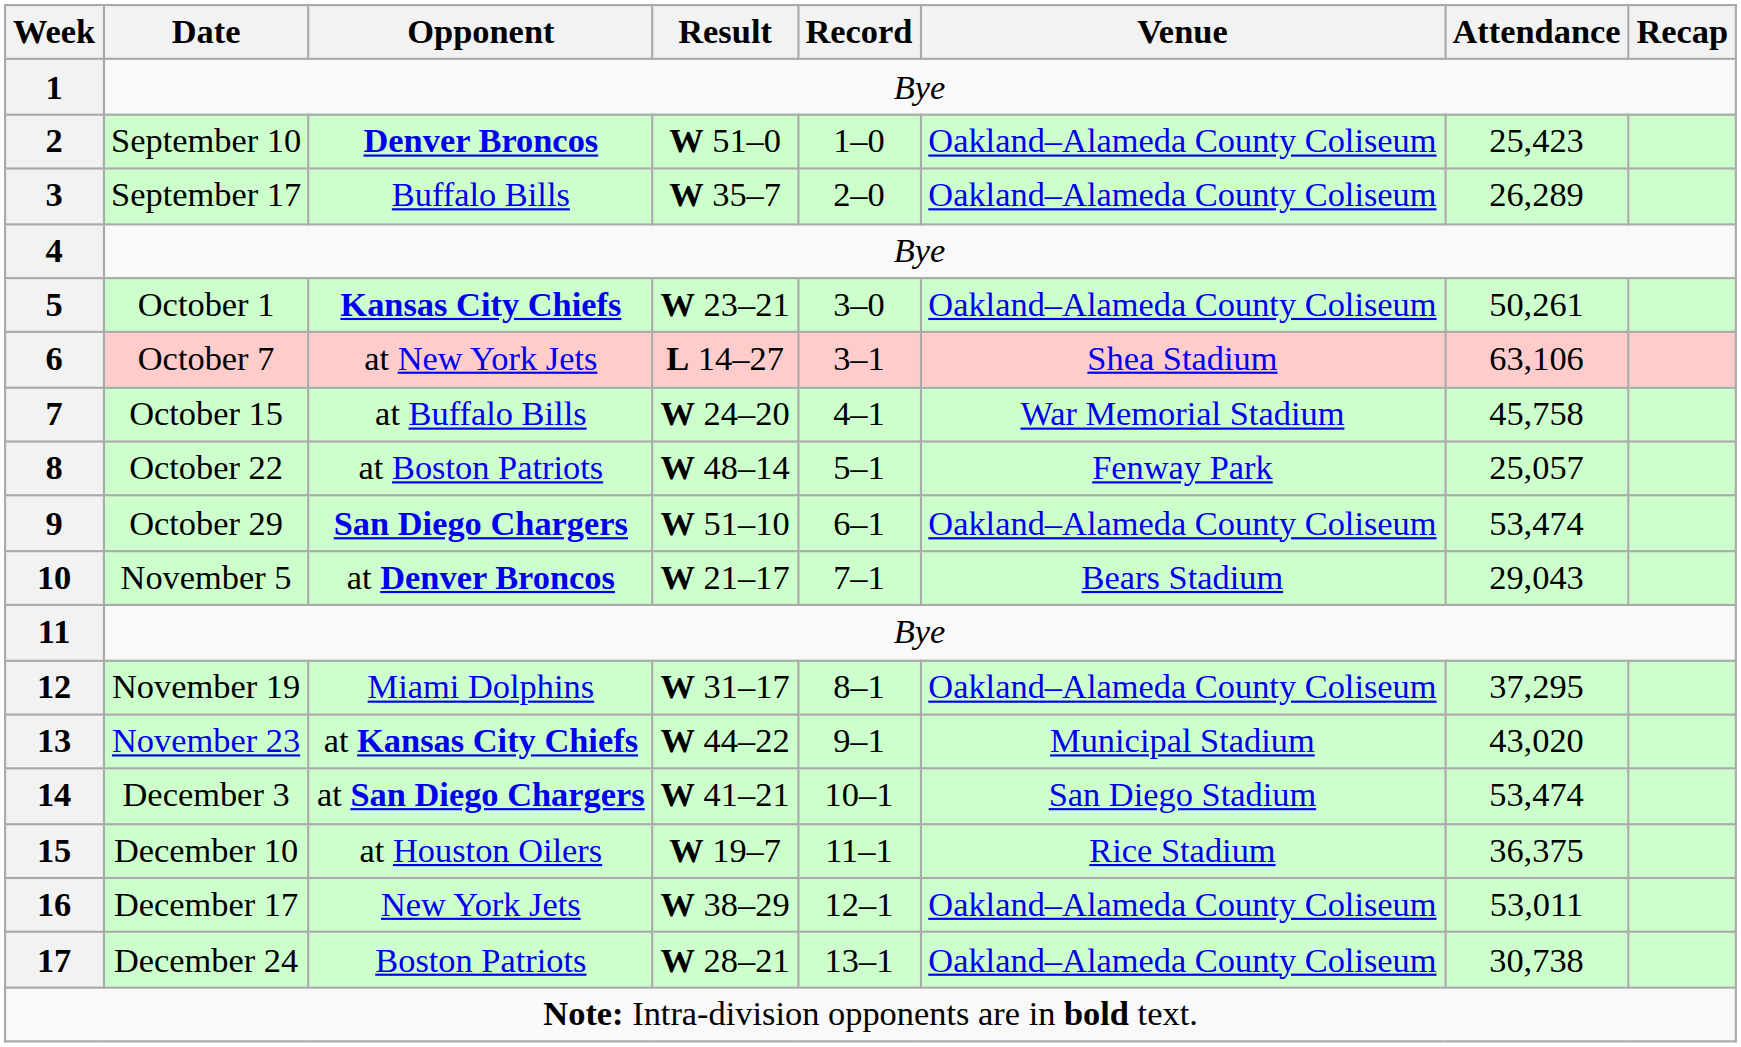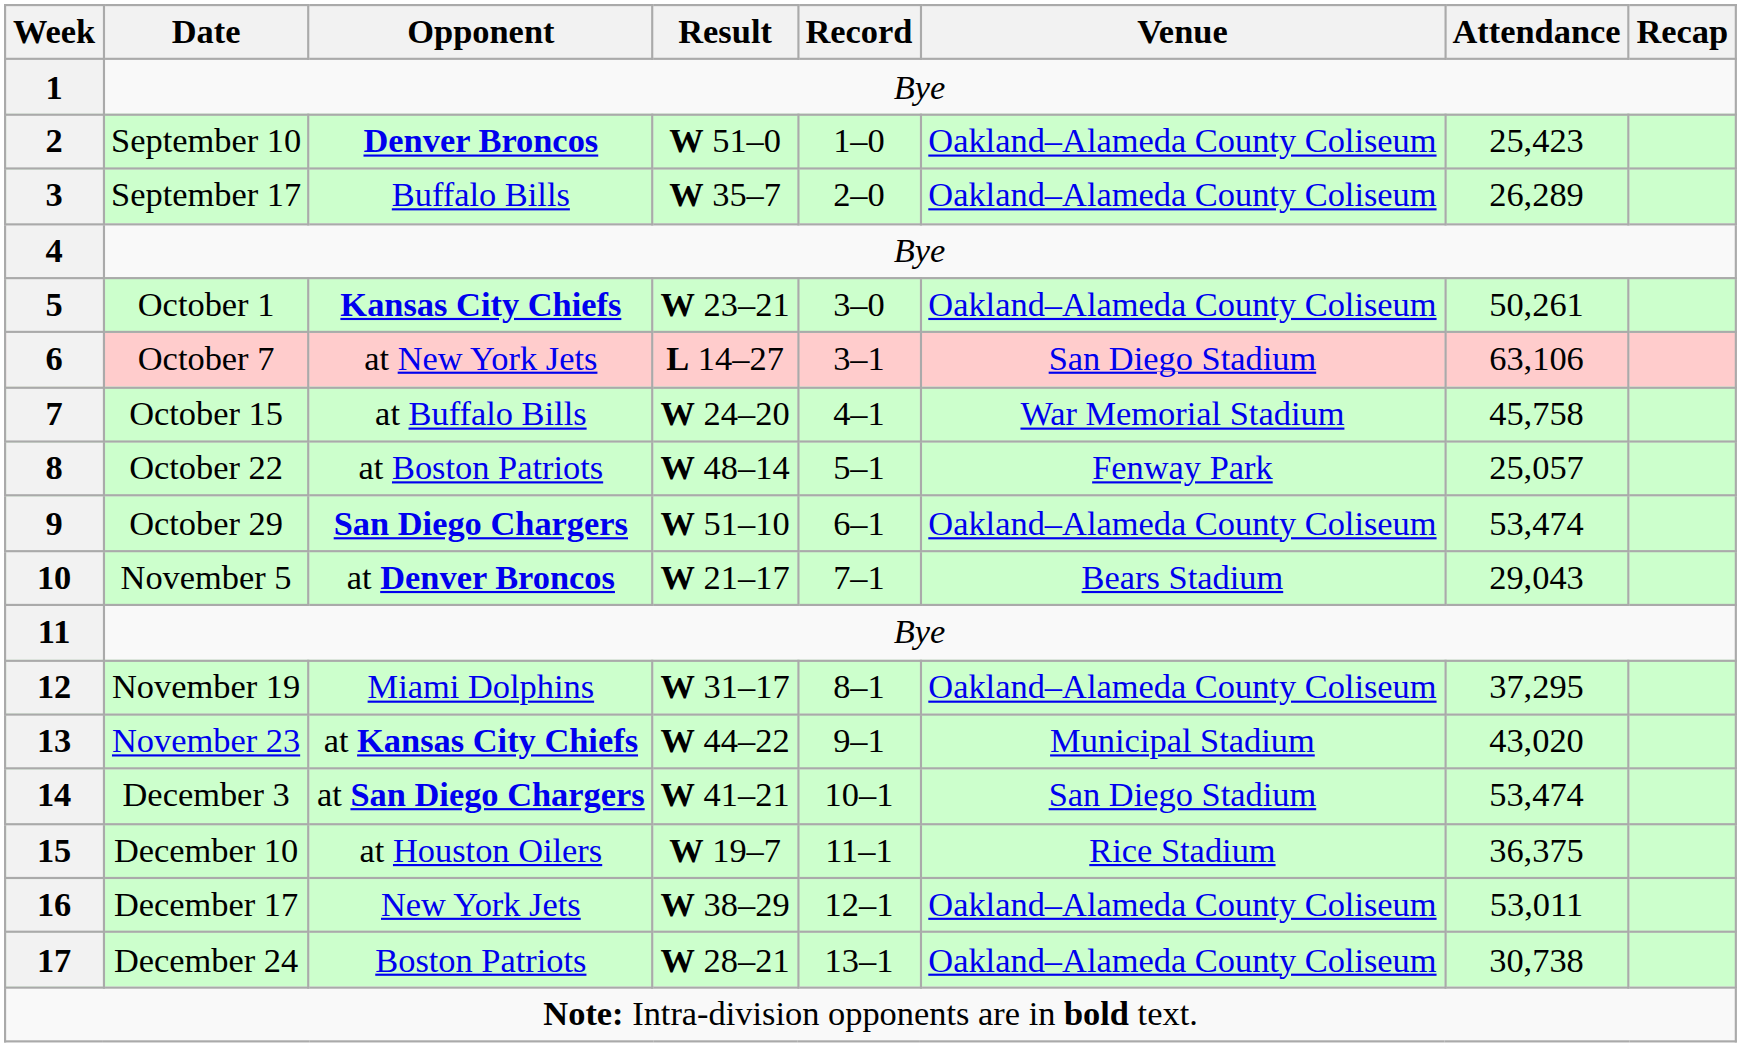 <table class="wikitable" style="text-align:center">
 <tr>
 <th>Week</th>
 <th>Date</th>
 <th>Opponent</th>
 <th>Result</th>
 <th>Record</th>
 <th>Venue</th>
 <th>Attendance</th>
 <th>Recap</th>
 </tr>
 <tr>
 <th>1</th>
 <td colspan=7 align="center"><em>Bye</em></td>
 </tr>
 <tr style="background: #cfc;">
 <th>2</th>
 <td>September 10</td>
 <td><strong><a href='#'>Denver Broncos</a></strong></td>
 <td><strong>W</strong> 51–0</td>
 <td>1–0</td>
 <td><a href='#'>Oakland–Alameda County Coliseum</a></td>
 <td>25,423</td>
 <td></td>
 </tr>
 <tr style="background: #cfc;">
 <th>3</th>
 <td>September 17</td>
 <td><a href='#'>Buffalo Bills</a></td>
 <td><strong>W</strong> 35–7</td>
 <td>2–0</td>
 <td><a href='#'>Oakland–Alameda County Coliseum</a></td>
 <td>26,289</td>
 <td></td>
 </tr>
 <tr>
 <th>4</th>
 <td colspan=7 align="center"><em>Bye</em></td>
 </tr>
 <tr style="background: #cfc;">
 <th>5</th>
 <td>October 1</td>
 <td><strong><a href='#'>Kansas City Chiefs</a></strong></td>
 <td><strong>W</strong> 23–21</td>
 <td>3–0</td>
 <td><a href='#'>Oakland–Alameda County Coliseum</a></td>
 <td>50,261</td>
 <td></td>
 </tr>
 <tr style="background: #fcc;">
 <th>6</th>
 <td>October 7</td>
 <td>at <a href='#'>New York Jets</a></td>
 <td><strong>L</strong> 14–27</td>
 <td>3–1</td>
-<td><a href='#'>Shea Stadium</a></td>
+<td><a href='#'>San Diego Stadium</a></td>
 <td>63,106</td>
 <td></td>
 </tr>
 <tr style="background: #cfc;">
 <th>7</th>
 <td>October 15</td>
 <td>at <a href='#'>Buffalo Bills</a></td>
 <td><strong>W</strong> 24–20</td>
 <td>4–1</td>
 <td><a href='#'>War Memorial Stadium</a></td>
 <td>45,758</td>
 <td></td>
 </tr>
 <tr style="background: #cfc;">
 <th>8</th>
 <td>October 22</td>
 <td>at <a href='#'>Boston Patriots</a></td>
 <td><strong>W</strong> 48–14</td>
 <td>5–1</td>
 <td><a href='#'>Fenway Park</a></td>
 <td>25,057</td>
 <td></td>
 </tr>
 <tr style="background: #cfc;">
 <th>9</th>
 <td>October 29</td>
 <td><strong><a href='#'>San Diego Chargers</a></strong></td>
 <td><strong>W</strong> 51–10</td>
 <td>6–1</td>
 <td><a href='#'>Oakland–Alameda County Coliseum</a></td>
 <td>53,474</td>
 <td></td>
 </tr>
 <tr style="background: #cfc;">
 <th>10</th>
 <td>November 5</td>
 <td>at <strong><a href='#'>Denver Broncos</a></strong></td>
 <td><strong>W</strong> 21–17</td>
 <td>7–1</td>
 <td><a href='#'>Bears Stadium</a></td>
 <td>29,043</td>
 <td></td>
 </tr>
 <tr>
 <th>11</th>
 <td colspan=7 align="center"><em>Bye</em></td>
 </tr>
 <tr style="background: #cfc;">
 <th>12</th>
 <td>November 19</td>
 <td><a href='#'>Miami Dolphins</a></td>
 <td><strong>W</strong> 31–17</td>
 <td>8–1</td>
 <td><a href='#'>Oakland–Alameda County Coliseum</a></td>
 <td>37,295</td>
 <td></td>
 </tr>
 <tr style="background: #cfc;">
 <th>13</th>
 <td><a href='#'>November 23</a></td>
 <td>at <strong><a href='#'>Kansas City Chiefs</a></strong></td>
 <td><strong>W</strong> 44–22</td>
 <td>9–1</td>
 <td><a href='#'>Municipal Stadium</a></td>
 <td>43,020</td>
 <td></td>
 </tr>
 <tr style="background: #cfc;">
 <th>14</th>
 <td>December 3</td>
 <td>at <strong><a href='#'>San Diego Chargers</a></strong></td>
 <td><strong>W</strong> 41–21</td>
 <td>10–1</td>
 <td><a href='#'>San Diego Stadium</a></td>
 <td>53,474</td>
 <td></td>
 </tr>
 <tr style="background: #cfc;">
 <th>15</th>
 <td>December 10</td>
 <td>at <a href='#'>Houston Oilers</a></td>
 <td><strong>W</strong> 19–7</td>
 <td>11–1</td>
 <td><a href='#'>Rice Stadium</a></td>
 <td>36,375</td>
 <td></td>
 </tr>
 <tr style="background: #cfc;">
 <th>16</th>
 <td>December 17</td>
 <td><a href='#'>New York Jets</a></td>
 <td><strong>W</strong> 38–29</td>
 <td>12–1</td>
 <td><a href='#'>Oakland–Alameda County Coliseum</a></td>
 <td>53,011</td>
 <td></td>
 </tr>
 <tr style="background: #cfc;">
 <th>17</th>
 <td>December 24</td>
 <td><a href='#'>Boston Patriots</a></td>
 <td><strong>W</strong> 28–21</td>
 <td>13–1</td>
 <td><a href='#'>Oakland–Alameda County Coliseum</a></td>
 <td>30,738</td>
 <td></td>
 </tr>
 <tr>
 <td colspan="8"><strong>Note:</strong> Intra-division opponents are in <strong>bold</strong> text.</td>
 </tr>
 </table>
